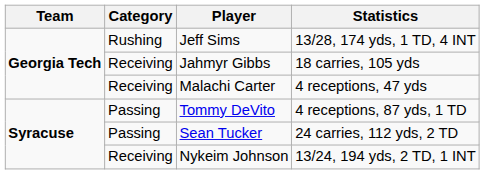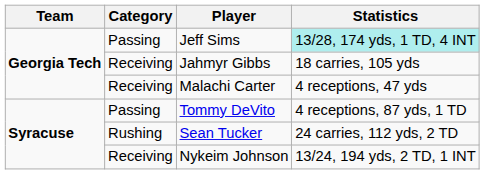 <table class="wikitable" style="float: right;">
 <tr>
 <th>Team</th>
 <th>Category</th>
 <th>Player</th>
 <th>Statistics</th>
 </tr>
 <tr>
 <td rowspan=3><strong>Georgia Tech</strong></td>
-<td>Rushing</td>
+<td>Passing</td>
 <td>Jeff Sims</td>
-<td>13/28, 174 yds, 1 TD, 4 INT</td>
+<td style="background: paleturquoise;">13/28, 174 yds, 1 TD, 4 INT</td>
 </tr>
 <tr>
 <td>Receiving</td>
 <td>Jahmyr Gibbs</td>
 <td>18 carries, 105 yds</td>
 </tr>
 <tr>
 <td>Receiving</td>
 <td>Malachi Carter</td>
 <td>4 receptions, 47 yds</td>
 </tr>
 <tr>
 <td rowspan=3><strong>Syracuse</strong></td>
 <td>Passing</td>
 <td><a href='#'>Tommy DeVito</a></td>
 <td>4 receptions, 87 yds, 1 TD</td>
 </tr>
 <tr>
-<td>Passing</td>
+<td>Rushing</td>
 <td><a href='#'>Sean Tucker</a></td>
 <td>24 carries, 112 yds, 2 TD</td>
 </tr>
 <tr>
 <td>Receiving</td>
 <td>Nykeim Johnson</td>
 <td>13/24, 194 yds, 2 TD, 1 INT</td>
 </tr>
 </table>
